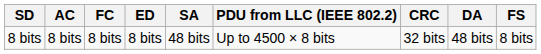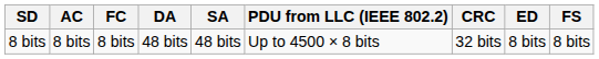 <table class="wikitable">
 <tr>
 <th>SD</th>
 <th>AC</th>
 <th>FC</th>
-<th>ED</th>
+<th>DA</th>
 <th>SA</th>
 <th>PDU from LLC (IEEE 802.2)</th>
 <th>CRC</th>
-<th>DA</th>
+<th>ED</th>
 <th>FS</th>
 </tr>
 <tr>
 <td>8 bits</td>
 <td>8 bits</td>
 <td>8 bits</td>
-<td>8 bits</td>
+<td>48 bits</td>
 <td>48 bits</td>
 <td>Up to 4500 × 8 bits</td>
 <td>32 bits</td>
-<td>48 bits</td>
+<td>8 bits</td>
 <td>8 bits</td>
 </tr>
 </table>
